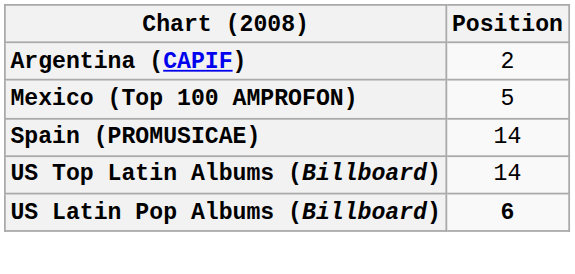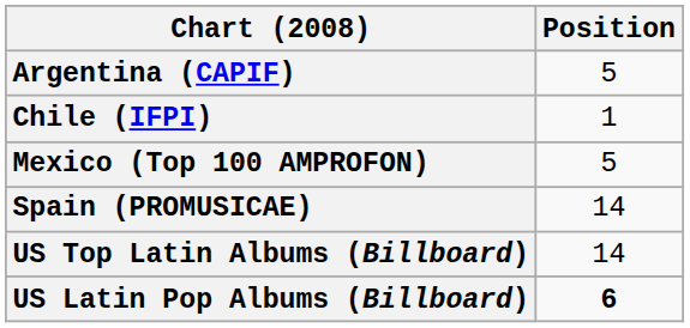 <table class="wikitable sortable plainrowheaders">
 <tr>
 <th style="text-align:center;">Chart (2008)</th>
 <th style="text-align:center;">Position</th>
 </tr>
 <tr>
 <th scope="row" style="text-align:left;">Argentina (<a href='#'>CAPIF</a>)</th>
-<td style="text-align:center;">2</td>
+<td style="text-align:center;">5</td>
+</tr>
+<tr>
+<th scope="row" style="text-align:left;">Chile (<a href='#'>IFPI</a>)</th>
+<td style="text-align:center;">1</td>
 </tr>
 <tr>
 <th scope="row" style="text-align:left;">Mexico (Top 100 AMPROFON)</th>
 <td style="text-align:center;">5</td>
 </tr>
 <tr>
 <th scope="row" style="text-align:left;">Spain (PROMUSICAE)</th>
 <td style="text-align:center;">14</td>
 </tr>
 <tr>
 <th scope="row" style="text-align:left;">US Top Latin Albums (<em>Billboard</em>)</th>
 <td style="text-align:center;">14</td>
 </tr>
 <tr>
 <th scope="row" style="text-align:left;">US Latin Pop Albums (<em>Billboard</em>)</th>
 <td style="text-align:center;"><strong>6</strong></td>
 </tr>
 </table>
